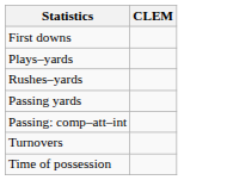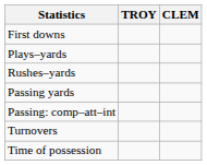 <table class="wikitable" style="float:left">
 <tr>
 <th>Statistics</th>
+<th>TROY</th>
 <th>CLEM</th>
 </tr>
 <tr>
 <td>First downs</td>
 <td></td>
+<td></td>
 </tr>
 <tr>
 <td>Plays–yards</td>
+<td></td>
 <td></td>
 </tr>
 <tr>
 <td>Rushes–yards</td>
 <td></td>
+<td></td>
 </tr>
 <tr>
 <td>Passing yards</td>
+<td></td>
 <td></td>
 </tr>
 <tr>
 <td>Passing: comp–att–int</td>
 <td></td>
+<td></td>
 </tr>
 <tr>
 <td>Turnovers</td>
+<td></td>
 <td></td>
 </tr>
 <tr>
 <td>Time of possession</td>
 <td></td>
+<td></td>
 </tr>
 </table>
